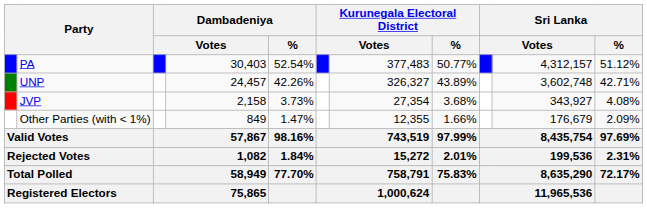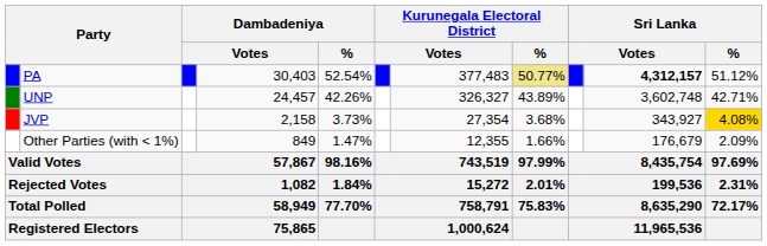 <table class="wikitable">
 <tr>
 <th colspan="2" width="144px"rowspan="2">Party</th>
 <th colspan="3" width="216px">Dambadeniya</th>
 <th colspan="3" width="216px"><a href='#'>Kurunegala Electoral District</a></th>
 <th colspan="3" width="216px">Sri Lanka</th>
 </tr>
 <tr>
 <th colspan="2" width="144px">Votes</th>
 <th>%</th>
 <th colspan="2" width="144px">Votes</th>
 <th>%</th>
 <th colspan="2" width="144px">Votes</th>
 <th>%</th>
 </tr>
 <tr>
 <td style="background-color:blue;" width="10px"></td>
 <td style="text-align:left;"><a href='#'>PA</a></td>
 <td style="background-color:blue;" width="10px"></td>
 <td style="text-align:right;">30,403</td>
 <td style="text-align:right;">52.54%</td>
 <td style="background-color:blue;" width="10px"></td>
 <td style="text-align:right;">377,483</td>
-<td style="text-align:right;">50.77%</td>
+<td style="background: khaki; text-align:right;">50.77%</td>
 <td style="background-color:blue;" width="10px"></td>
-<td style="text-align:right;">4,312,157</td>
+<td style="text-align:right;"><strong>4,312,157</strong></td>
 <td style="text-align:right;">51.12%</td>
 </tr>
 <tr>
 <td style="background-color:green;" width="10px"></td>
 <td style="text-align:left;"><a href='#'>UNP</a></td>
 <td style="background-color:white;" width="10px"></td>
 <td style="text-align:right;">24,457</td>
 <td style="text-align:right;">42.26%</td>
 <td style="background-color:white;" width="10px"></td>
 <td style="text-align:right;">326,327</td>
 <td style="text-align:right;">43.89%</td>
 <td style="background-color:white;" width="10px"></td>
 <td style="text-align:right;">3,602,748</td>
 <td style="text-align:right;">42.71%</td>
 </tr>
 <tr>
 <td style="background-color:red;" width="10px"></td>
 <td style="text-align:left;"><a href='#'>JVP</a></td>
 <td style="background-color:white;" width="10px"></td>
 <td style="text-align:right;">2,158</td>
 <td style="text-align:right;">3.73%</td>
 <td style="background-color:white;" width="10px"></td>
 <td style="text-align:right;">27,354</td>
 <td style="text-align:right;">3.68%</td>
 <td style="background-color:white;" width="10px"></td>
 <td style="text-align:right;">343,927</td>
-<td style="text-align:right;">4.08%</td>
+<td style="background: gold; text-align:right;">4.08%</td>
 </tr>
 <tr>
 <td style="background-color:white;" width="10px"></td>
 <td style="text-align:left;">Other Parties (with < 1%)</td>
 <td style="background-color:white;" width="10px"></td>
 <td style="text-align:right;">849</td>
 <td style="text-align:right;">1.47%</td>
 <td style="background-color:white;" width="10px"></td>
 <td style="text-align:right;">12,355</td>
 <td style="text-align:right;">1.66%</td>
 <td style="background-color:white;" width="10px"></td>
 <td style="text-align:right;">176,679</td>
 <td style="text-align:right;">2.09%</td>
 </tr>
 <tr>
 <th colspan="2" width="144px"style="text-align:left;">Valid Votes</th>
 <th style="text-align:right;"colspan="2" width="144px">57,867</th>
 <th style="text-align:right;">98.16%</th>
 <th style="text-align:right;"colspan="2" width="144px">743,519</th>
 <th style="text-align:right;">97.99%</th>
 <th style="text-align:right;"colspan="2" width="144px">8,435,754</th>
 <th style="text-align:right;">97.69%</th>
 </tr>
 <tr>
 <th colspan="2" width="144px"style="text-align:left;">Rejected Votes</th>
 <th style="text-align:right;"colspan="2" width="144px">1,082</th>
 <th style="text-align:right;">1.84%</th>
 <th style="text-align:right;"colspan="2" width="144px">15,272</th>
 <th style="text-align:right;">2.01%</th>
 <th style="text-align:right;"colspan="2" width="144px">199,536</th>
 <th style="text-align:right;">2.31%</th>
 </tr>
 <tr>
 <th colspan="2" width="144px"style="text-align:left;">Total Polled</th>
 <th style="text-align:right;"colspan="2" width="144px">58,949</th>
 <th style="text-align:right;">77.70%</th>
 <th style="text-align:right;"colspan="2" width="144px">758,791</th>
 <th style="text-align:right;">75.83%</th>
 <th style="text-align:right;"colspan="2" width="144px">8,635,290</th>
 <th style="text-align:right;">72.17%</th>
 </tr>
 <tr>
 <th colspan="2" width="144px"style="text-align:left;">Registered Electors</th>
 <th style="text-align:right;"colspan="2" width="144px">75,865</th>
 <th></th>
 <th style="text-align:right;"colspan="2" width="144px">1,000,624</th>
 <th></th>
 <th style="text-align:right;"colspan="2" width="144px">11,965,536</th>
 <th></th>
 </tr>
 </table>
